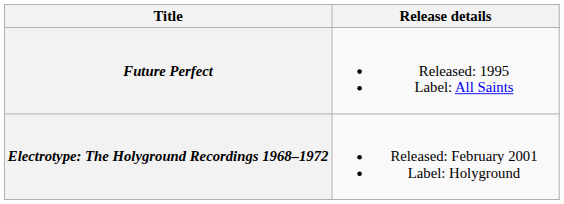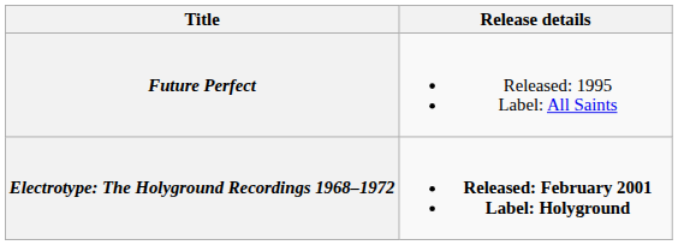 <table class="wikitable plainrowheaders" style="text-align:center;">
 <tr>
 <th scope="col">Title</th>
 <th scope="col" style="width:15em;">Release details</th>
 </tr>
 <tr>
 <th scope="row"><em>Future Perfect</em></th>
 <td><br><ul><li>Released: 1995</li><li>Label: <a href='#'>All Saints</a></li></ul></td>
 </tr>
 <tr>
 <th scope="row"><em>Electrotype: The Holyground Recordings 1968–1972</em></th>
-<td><br><ul><li>Released: February 2001</li><li>Label: Holyground</li></ul></td>
+<td><strong><br><ul><li>Released: February 2001</li><li>Label: Holyground</li></ul></strong></td>
 </tr>
 </table>
